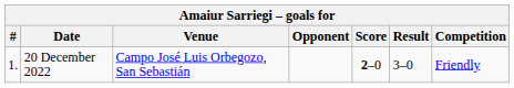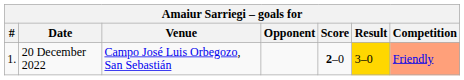 <table class="wikitable">
 <tr>
 <th colspan="7"><strong>Amaiur Sarriegi – goals for </strong></th>
 </tr>
 <tr>
 <th>#</th>
 <th>Date</th>
 <th>Venue</th>
 <th>Opponent</th>
 <th>Score</th>
 <th>Result</th>
 <th>Competition</th>
 </tr>
 <tr>
 <td align="center">1.</td>
 <td>20 December 2022</td>
 <td><a href='#'>Campo José Luis Orbegozo</a>, <a href='#'>San Sebastián</a></td>
 <td></td>
 <td align=center><strong>2</strong>–0</td>
-<td>3–0</td>
-<td><a href='#'>Friendly</a></td>
+<td style="background: gold;">3–0</td>
+<td style="background: lightsalmon;"><a href='#'>Friendly</a></td>
 </tr>
 </table>
